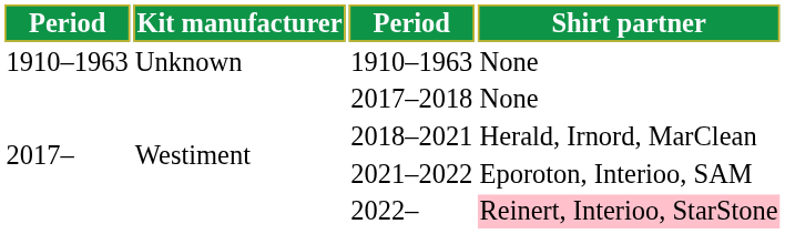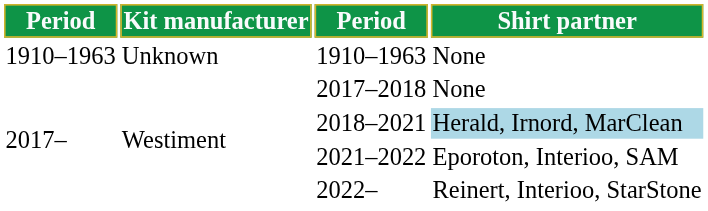 <table class="toccolours">
 <tr>
 <th style="background:#0e9447;color:#f9fbfc;border:1px solid #d9b62c;">Period</th>
 <th style="background:#0e9447;color:#f9fbfc;border:1px solid #d9b62c;">Kit manufacturer</th>
 <th style="background:#0e9447;color:#f9fbfc;border:1px solid #d9b62c;">Period</th>
 <th style="background:#0e9447;color:#f9fbfc;border:1px solid #d9b62c;">Shirt partner</th>
 </tr>
 <tr>
 <td>1910–1963</td>
 <td rowspan=1>Unknown</td>
 <td>1910–1963</td>
 <td rowspan=1>None</td>
 </tr>
 <tr>
 <td rowspan=4>2017–</td>
 <td rowspan=4> Westiment</td>
 <td>2017–2018</td>
 <td rowspan=1>None</td>
 </tr>
 <tr>
 <td>2018–2021</td>
-<td rowspan=1>Herald, Irnord, MarClean</td>
+<td rowspan=1 style="background: lightblue;">Herald, Irnord, MarClean</td>
 </tr>
 <tr>
 <td>2021–2022</td>
 <td rowspan=1>Eporoton, Interioo, SAM</td>
 </tr>
 <tr>
 <td>2022–</td>
-<td rowspan=1 style="background: pink;">Reinert, Interioo, StarStone</td>
+<td rowspan=1>Reinert, Interioo, StarStone</td>
 </tr>
 </table>
